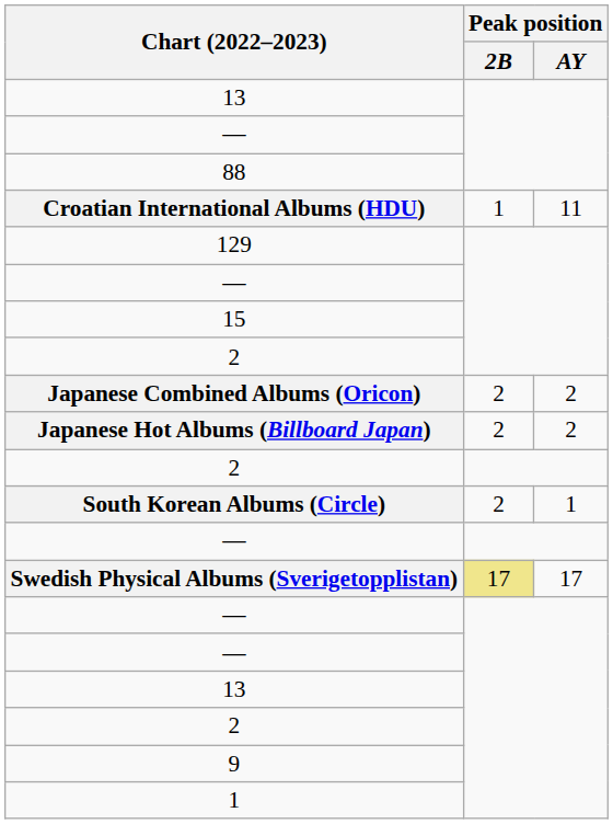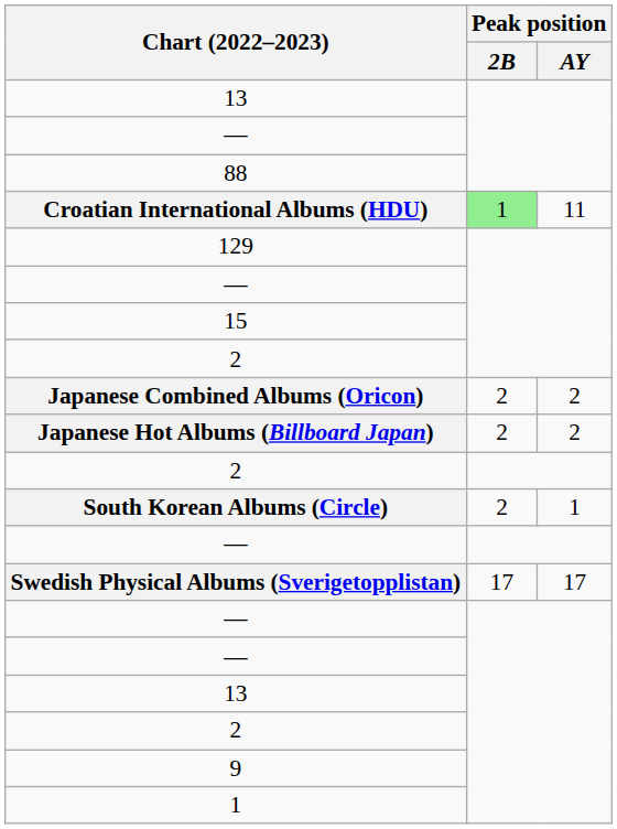 <table class="wikitable sortable plainrowheaders" style="text-align:center">
 <tr>
 <th scope="col" rowspan="2">Chart (2022–2023)</th>
 <th scope="col" colspan="2">Peak position</th>
 </tr>
 <tr>
 <th><em>2B</em></th>
 <th><em>AY</em></th>
 </tr>
 <tr>
 <td>13</td>
 </tr>
 <tr>
 <td>—</td>
 </tr>
 <tr>
 <td>88</td>
 </tr>
 <tr>
 <th scope="row">Croatian International Albums (<a href='#'>HDU</a>)</th>
-<td>1</td>
+<td style="background: lightgreen;">1</td>
 <td>11</td>
 </tr>
 <tr>
 <td>129</td>
 </tr>
 <tr>
 <td>—</td>
 </tr>
 <tr>
 <td>15</td>
 </tr>
 <tr>
 <td>2</td>
 </tr>
 <tr>
 <th scope="row">Japanese Combined Albums (<a href='#'>Oricon</a>)</th>
 <td>2</td>
 <td>2</td>
 </tr>
 <tr>
 <th scope="row">Japanese Hot Albums (<em><a href='#'>Billboard Japan</a></em>)</th>
 <td>2</td>
 <td>2</td>
 </tr>
 <tr>
 <td>2</td>
 </tr>
 <tr>
 <th scope="row">South Korean Albums (<a href='#'>Circle</a>)</th>
 <td>2</td>
 <td>1</td>
 </tr>
 <tr>
 <td>—</td>
 </tr>
 <tr>
 <th scope="row">Swedish Physical Albums (<a href='#'>Sverigetopplistan</a>)</th>
-<td style="background: khaki;">17</td>
+<td>17</td>
 <td>17</td>
 </tr>
 <tr>
 <td>—</td>
 </tr>
 <tr>
 <td>—</td>
 </tr>
 <tr>
 <td>13</td>
 </tr>
 <tr>
 <td>2</td>
 </tr>
 <tr>
 <td>9</td>
 </tr>
 <tr>
 <td>1</td>
 </tr>
 </table>
